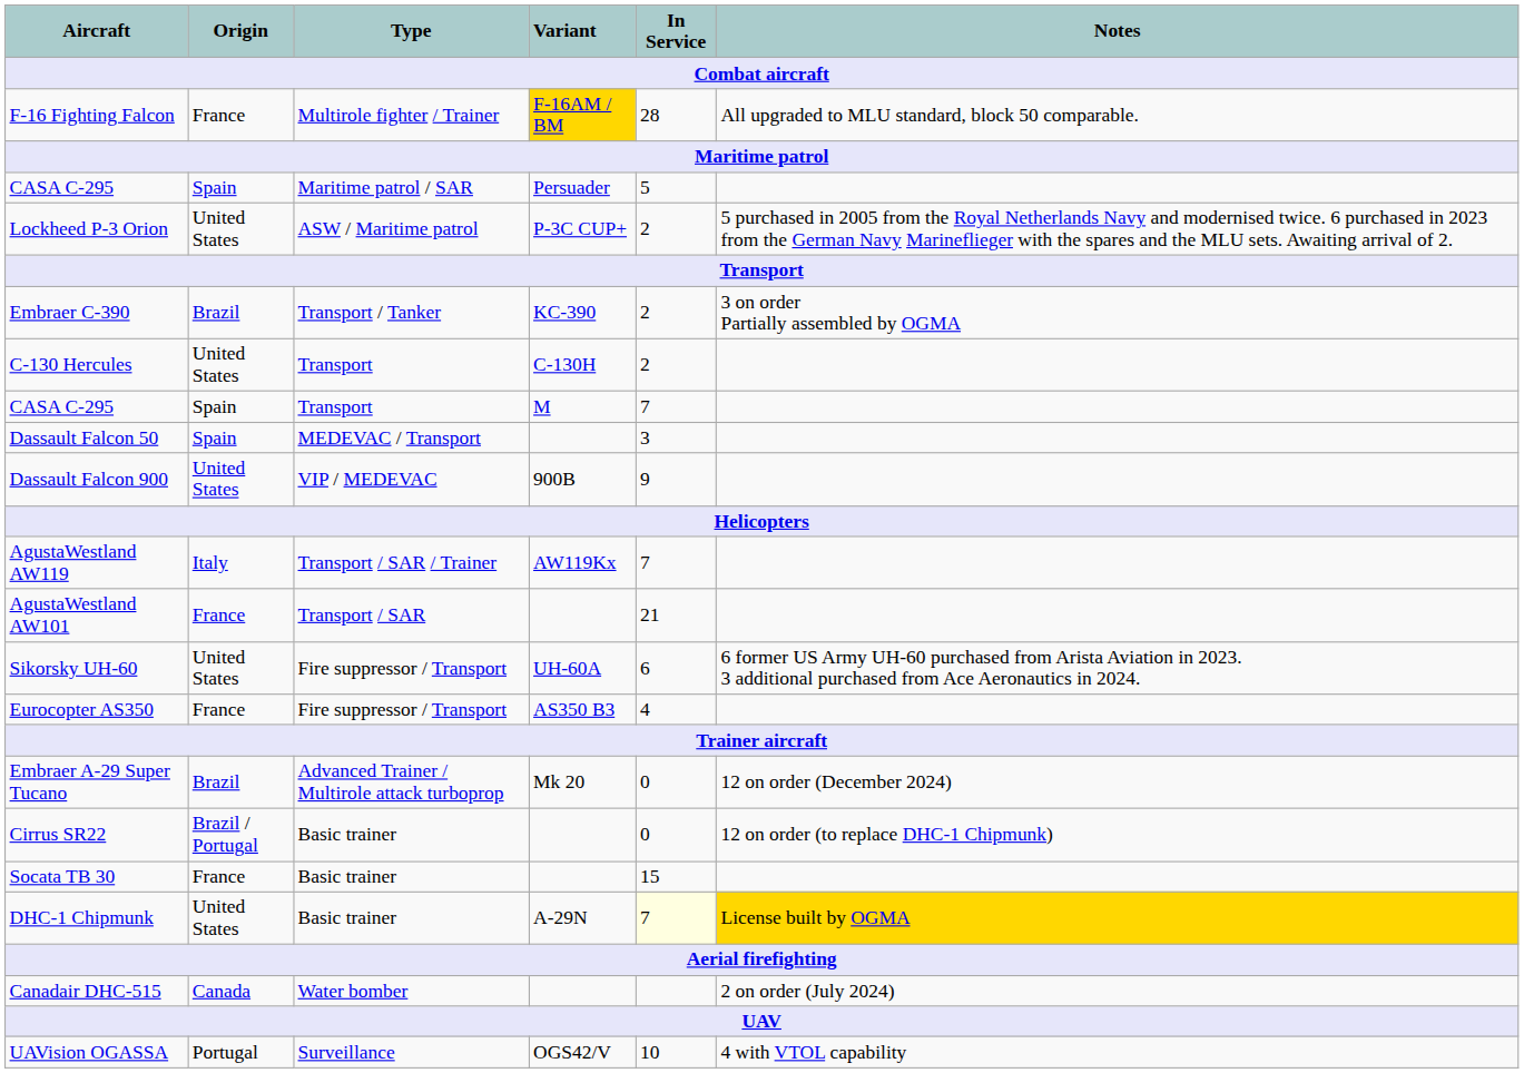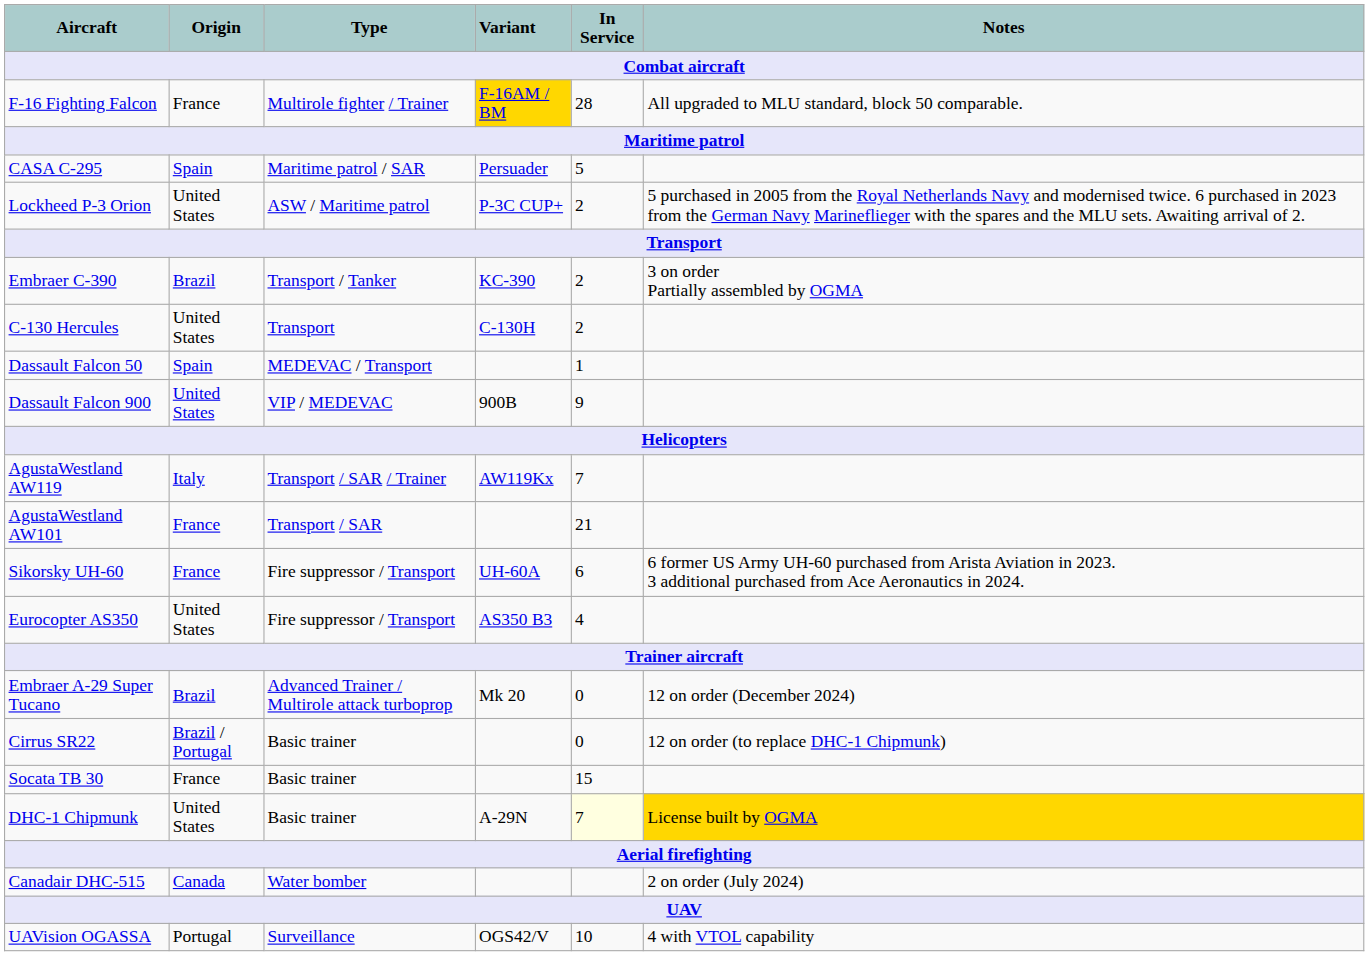 <table class="wikitable">
 <tr>
 <th style="text-align:center; background:#acc;">Aircraft</th>
 <th style="text-align: center; background:#acc;">Origin</th>
 <th style="text-align:l center; background:#acc;">Type</th>
 <th style="text-align:left; background:#acc;">Variant</th>
 <th style="text-align:center; background:#acc;">In Service</th>
 <th style="text-align: center; background:#acc;">Notes</th>
 </tr>
 <tr>
 <th colspan="6" style="align: center; background: lavender;"><a href='#'>Combat aircraft</a></th>
 </tr>
 <tr>
 <td><a href='#'>F-16 Fighting Falcon</a></td>
 <td>France</td>
 <td><a href='#'>Multirole fighter</a> <a href='#'>/ Trainer</a></td>
 <td style="background: gold;"><a href='#'>F-16AM / BM</a></td>
 <td>28</td>
 <td>All upgraded to MLU standard, block 50 comparable.</td>
 </tr>
 <tr>
 <th colspan="6" style="align: center; background: lavender;"><a href='#'>Maritime patrol</a></th>
 </tr>
 <tr>
 <td><a href='#'>CASA C-295</a></td>
 <td><a href='#'>Spain</a></td>
 <td><a href='#'>Maritime patrol</a> / <a href='#'>SAR</a></td>
 <td><a href='#'>Persuader</a></td>
 <td>5</td>
 <td></td>
 </tr>
 <tr>
 <td><a href='#'>Lockheed P-3 Orion</a></td>
 <td>United States</td>
 <td><a href='#'>ASW</a> / <a href='#'>Maritime patrol</a></td>
 <td><a href='#'>P-3C CUP+</a></td>
 <td>2</td>
 <td>5 purchased in 2005 from the <a href='#'>Royal Netherlands Navy</a> and modernised twice. 6 purchased in 2023 from the <a href='#'>German Navy</a> <a href='#'>Marineflieger</a> with the spares and the MLU sets. Awaiting arrival of 2.</td>
 </tr>
 <tr>
 <th colspan="6" style="align: center; background: lavender;"><a href='#'>Transport</a></th>
 </tr>
 <tr>
 <td><a href='#'>Embraer C-390</a></td>
 <td><a href='#'>Brazil</a></td>
 <td><a href='#'>Transport</a> / <a href='#'>Tanker</a></td>
 <td><a href='#'>KC-390</a></td>
 <td>2</td>
 <td>3 on order<br>Partially assembled by <a href='#'>OGMA</a></td>
 </tr>
 <tr>
 <td><a href='#'>C-130 Hercules</a></td>
 <td>United States</td>
 <td><a href='#'>Transport</a></td>
 <td><a href='#'>C-130H</a></td>
 <td>2</td>
 <td></td>
 </tr>
 <tr>
-<td><a href='#'>CASA C-295</a></td>
-<td>Spain</td>
-<td><a href='#'>Transport</a></td>
-<td><a href='#'>M</a></td>
-<td>7</td>
-<td></td>
-</tr>
-<tr>
 <td><a href='#'>Dassault Falcon 50</a></td>
 <td><a href='#'>Spain</a></td>
 <td><a href='#'>MEDEVAC</a> / <a href='#'>Transport</a></td>
 <td></td>
-<td>3</td>
+<td>1</td>
 <td></td>
 </tr>
 <tr>
 <td><a href='#'>Dassault Falcon 900</a></td>
 <td><a href='#'>United States</a></td>
 <td><a href='#'>VIP</a> / <a href='#'>MEDEVAC</a></td>
 <td>900B</td>
 <td>9</td>
 <td></td>
 </tr>
 <tr>
 <th colspan="6" style="align: center; background: lavender;"><a href='#'>Helicopters</a></th>
 </tr>
 <tr>
 <td><a href='#'>AgustaWestland AW119</a></td>
 <td><a href='#'>Italy</a></td>
 <td><a href='#'>Transport</a> <a href='#'>/ SAR</a> <a href='#'>/ Trainer</a></td>
 <td><a href='#'>AW119Kx</a></td>
 <td>7</td>
 <td></td>
 </tr>
 <tr>
 <td><a href='#'>AgustaWestland AW101</a></td>
 <td><a href='#'>France</a></td>
 <td><a href='#'>Transport</a> <a href='#'>/ SAR</a></td>
 <td></td>
 <td>21</td>
 <td></td>
 </tr>
 <tr>
 <td><a href='#'>Sikorsky UH-60</a></td>
-<td>United States</td>
+<td><a href='#'>France</a></td>
 <td>Fire suppressor / <a href='#'>Transport</a></td>
 <td><a href='#'>UH-60A</a></td>
 <td>6</td>
 <td>6 former US Army UH-60 purchased from Arista Aviation in 2023.<br>3 additional purchased from Ace Aeronautics in 2024.</td>
 </tr>
 <tr>
 <td><a href='#'>Eurocopter AS350</a></td>
-<td>France</td>
+<td>United States</td>
 <td>Fire suppressor / <a href='#'>Transport</a></td>
 <td><a href='#'>AS350 B3</a></td>
 <td>4</td>
 <td></td>
 </tr>
 <tr>
 <th colspan="6" style="align: center; background: lavender;"><a href='#'>Trainer aircraft</a></th>
 </tr>
 <tr>
 <td><a href='#'>Embraer A-29 Super Tucano</a></td>
 <td><a href='#'>Brazil</a></td>
 <td><a href='#'>Advanced Trainer /</a> <a href='#'>Multirole attack turboprop</a></td>
 <td>Mk 20</td>
 <td>0</td>
 <td>12 on order (December 2024)</td>
 </tr>
 <tr>
 <td><a href='#'>Cirrus SR22</a></td>
 <td><a href='#'>Brazil</a> / <a href='#'>Portugal</a></td>
 <td>Basic trainer</td>
 <td></td>
 <td>0</td>
 <td>12 on order (to replace <a href='#'>DHC-1 Chipmunk</a>) </td>
 </tr>
 <tr>
 <td><a href='#'>Socata TB 30</a></td>
 <td>France</td>
 <td>Basic trainer</td>
 <td></td>
 <td>15</td>
 <td></td>
 </tr>
 <tr>
 <td><a href='#'>DHC-1 Chipmunk</a></td>
 <td>United States</td>
 <td>Basic trainer</td>
 <td>A-29N</td>
 <td style="background: lightyellow;">7</td>
 <td style="background: gold;">License built by <a href='#'>OGMA</a></td>
 </tr>
 <tr>
 <th colspan="6" style="align: center; background: lavender;"><a href='#'>Aerial firefighting</a></th>
 </tr>
 <tr>
 <td><a href='#'>Canadair DHC-515</a></td>
 <td><a href='#'>Canada</a></td>
 <td><a href='#'>Water bomber</a></td>
 <td></td>
 <td></td>
 <td>2 on order (July 2024)</td>
 </tr>
 <tr>
 <th colspan="6" style="align: center; background: lavender;"><a href='#'>UAV</a></th>
 </tr>
 <tr>
 <td><a href='#'>UAVision OGASSA</a></td>
 <td>Portugal</td>
 <td><a href='#'>Surveillance</a></td>
 <td>OGS42/V</td>
 <td>10</td>
 <td>4 with <a href='#'>VTOL</a> capability</td>
 </tr>
 </table>
